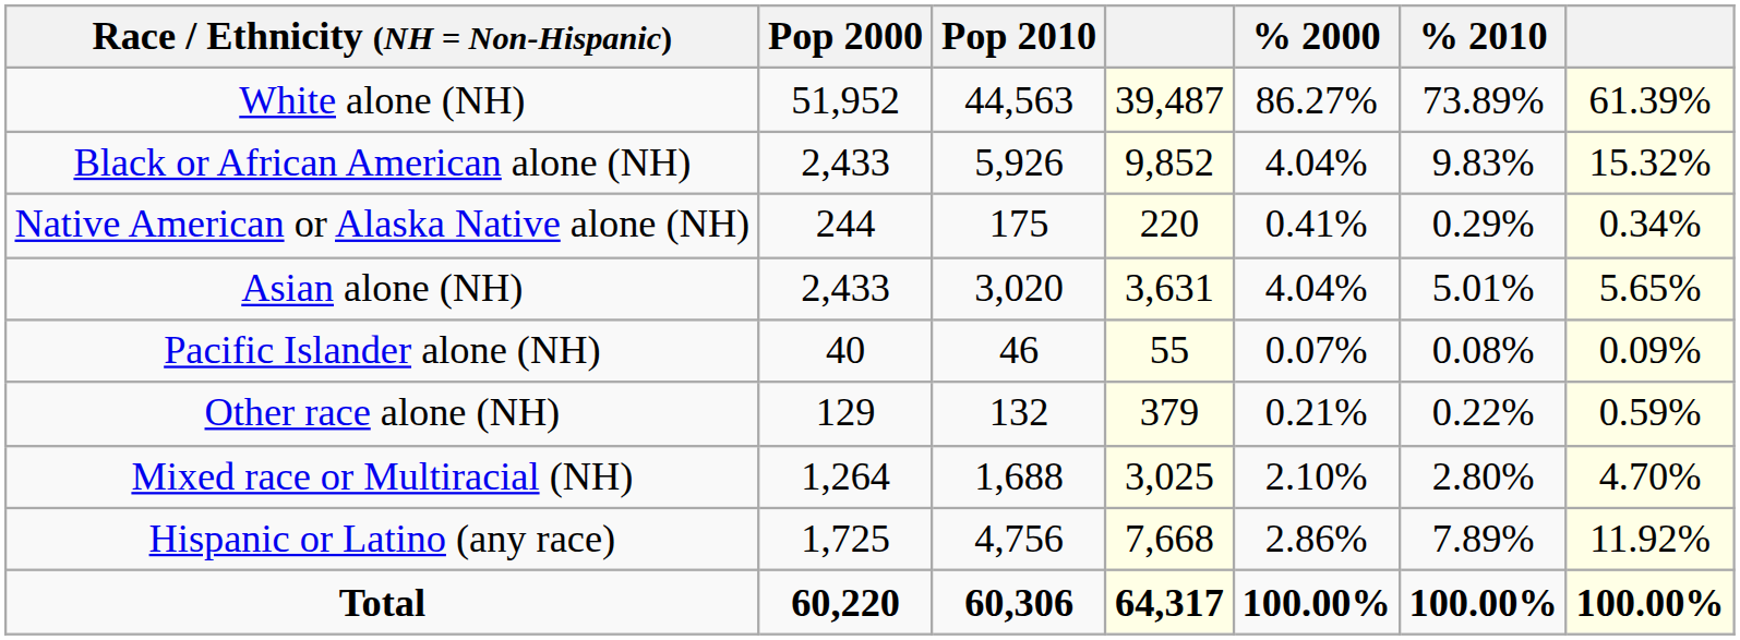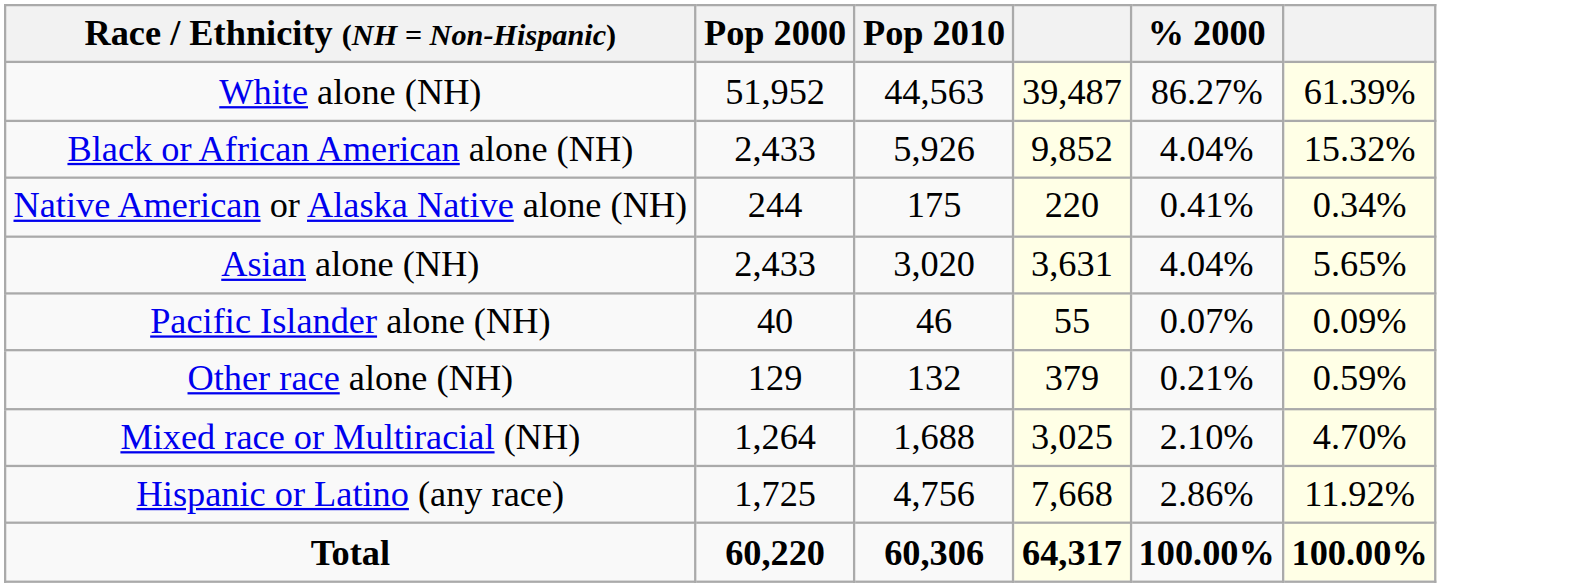 <table class="wikitable" style="text-align:center;">
 <tr>
 <th>Race / Ethnicity <small>(<em>NH = Non-Hispanic</em>)</small></th>
 <th>Pop 2000</th>
 <th>Pop 2010</th>
 <th></th>
 <th>% 2000</th>
-<th>% 2010</th>
 <th></th>
 </tr>
 <tr>
 <td><a href='#'>White</a> alone (NH)</td>
 <td>51,952</td>
 <td>44,563</td>
 <td style='background: #ffffe6;'>39,487</td>
 <td>86.27%</td>
-<td>73.89%</td>
 <td style='background: #ffffe6;'>61.39%</td>
 </tr>
 <tr>
 <td><a href='#'>Black or African American</a> alone (NH)</td>
 <td>2,433</td>
 <td>5,926</td>
 <td style='background: #ffffe6;'>9,852</td>
 <td>4.04%</td>
-<td>9.83%</td>
 <td style='background: #ffffe6;'>15.32%</td>
 </tr>
 <tr>
 <td><a href='#'>Native American</a> or <a href='#'>Alaska Native</a> alone (NH)</td>
 <td>244</td>
 <td>175</td>
 <td style='background: #ffffe6;'>220</td>
 <td>0.41%</td>
-<td>0.29%</td>
 <td style='background: #ffffe6;'>0.34%</td>
 </tr>
 <tr>
 <td><a href='#'>Asian</a> alone (NH)</td>
 <td>2,433</td>
 <td>3,020</td>
 <td style='background: #ffffe6;'>3,631</td>
 <td>4.04%</td>
-<td>5.01%</td>
 <td style='background: #ffffe6;'>5.65%</td>
 </tr>
 <tr>
 <td><a href='#'>Pacific Islander</a> alone (NH)</td>
 <td>40</td>
 <td>46</td>
 <td style='background: #ffffe6;'>55</td>
 <td>0.07%</td>
-<td>0.08%</td>
 <td style='background: #ffffe6;'>0.09%</td>
 </tr>
 <tr>
 <td><a href='#'>Other race</a> alone (NH)</td>
 <td>129</td>
 <td>132</td>
 <td style='background: #ffffe6;'>379</td>
 <td>0.21%</td>
-<td>0.22%</td>
 <td style='background: #ffffe6;'>0.59%</td>
 </tr>
 <tr>
 <td><a href='#'>Mixed race or Multiracial</a> (NH)</td>
 <td>1,264</td>
 <td>1,688</td>
 <td style='background: #ffffe6;'>3,025</td>
 <td>2.10%</td>
-<td>2.80%</td>
 <td style='background: #ffffe6;'>4.70%</td>
 </tr>
 <tr>
 <td><a href='#'>Hispanic or Latino</a> (any race)</td>
 <td>1,725</td>
 <td>4,756</td>
 <td style='background: #ffffe6;'>7,668</td>
 <td>2.86%</td>
-<td>7.89%</td>
 <td style='background: #ffffe6;'>11.92%</td>
 </tr>
 <tr>
 <td><strong>Total</strong></td>
 <td><strong>60,220</strong></td>
 <td><strong>60,306</strong></td>
 <td style='background: #ffffe6;'><strong>64,317</strong></td>
 <td><strong>100.00%</strong></td>
-<td><strong>100.00%</strong></td>
 <td style='background: #ffffe6;'><strong>100.00%</strong></td>
 </tr>
 </table>
